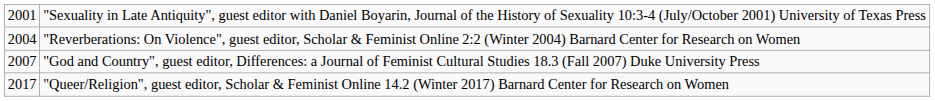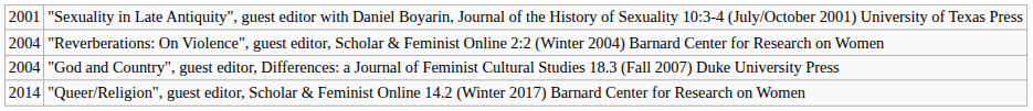 <table class="wikitable">
 <tr>
 <td>2001</td>
 <td>"Sexuality in Late Antiquity", guest editor with Daniel Boyarin, Journal of the History of Sexuality 10:3-4 (July/October 2001) University of Texas Press</td>
 </tr>
 <tr>
 <td>2004</td>
 <td>"Reverberations: On Violence", guest editor, Scholar & Feminist Online 2:2 (Winter 2004) Barnard Center for Research on Women</td>
 </tr>
 <tr>
-<td>2007</td>
+<td>2004</td>
 <td>"God and Country", guest editor, Differences: a Journal of Feminist Cultural Studies 18.3 (Fall 2007) Duke University Press</td>
 </tr>
 <tr>
-<td>2017</td>
+<td>2014</td>
 <td>"Queer/Religion", guest editor, Scholar & Feminist Online 14.2 (Winter 2017) Barnard Center for Research on Women</td>
 </tr>
 </table>
